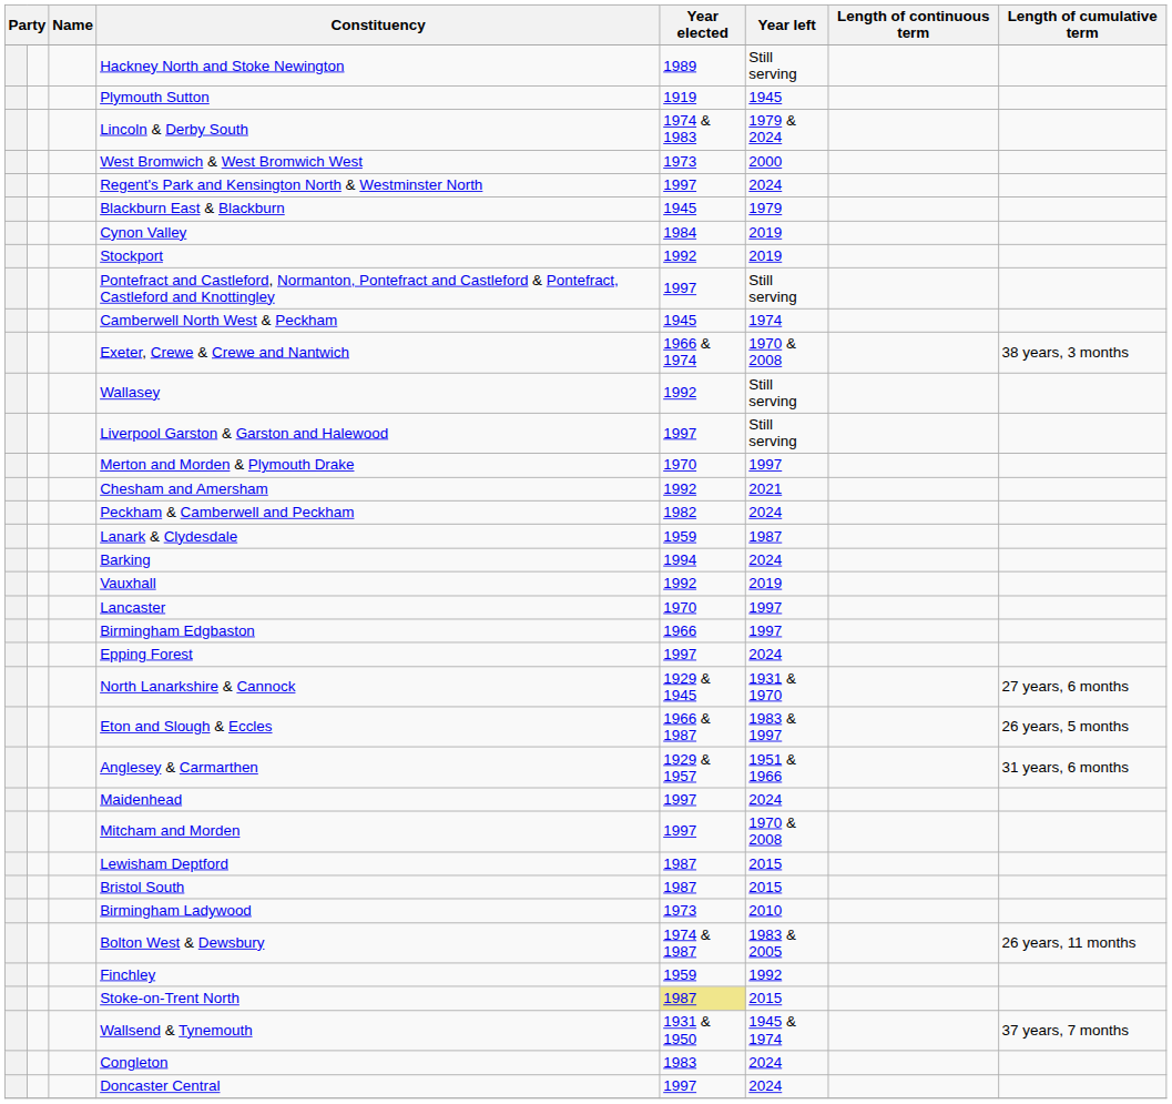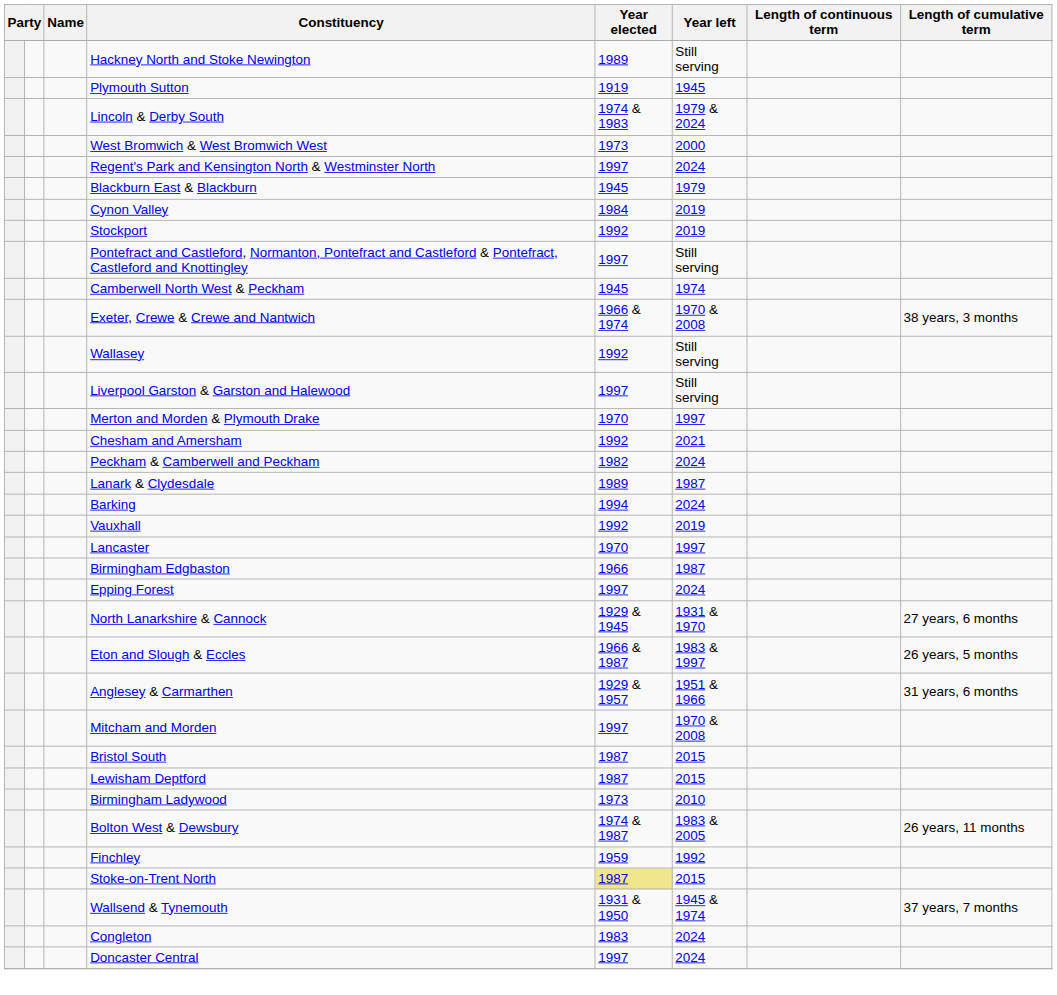 <table class="wikitable sortable">
 <tr>
 <th colspan=2>Party</th>
 <th>Name</th>
 <th>Constituency</th>
 <th>Year elected</th>
 <th>Year left</th>
 <th>Length of continuous term</th>
 <th>Length of cumulative term</th>
 </tr>
 <tr>
 </tr>
 <tr>
 <th style="background-color: "></th>
 <td></td>
 <td></td>
 <td><a href='#'>Hackney North and Stoke Newington</a></td>
 <td><a href='#'>1989</a></td>
 <td>Still serving</td>
 <td></td>
 <td></td>
 </tr>
 <tr>
 <th style="background-color: "></th>
 <td></td>
 <td></td>
 <td><a href='#'>Plymouth Sutton</a></td>
 <td><a href='#'>1919</a></td>
 <td><a href='#'>1945</a></td>
 <td></td>
 <td></td>
 </tr>
 <tr>
 <th style="background-color: "></th>
 <td></td>
 <td></td>
 <td><a href='#'>Lincoln</a> & <a href='#'>Derby South</a></td>
 <td><a href='#'>1974</a> & <a href='#'>1983</a></td>
 <td><a href='#'>1979</a> & <a href='#'>2024</a></td>
 <td></td>
 <td></td>
 </tr>
 <tr>
 <th style="background-color: "></th>
 <td></td>
 <td></td>
 <td><a href='#'>West Bromwich</a> & <a href='#'>West Bromwich West</a></td>
 <td><a href='#'>1973</a></td>
 <td><a href='#'>2000</a></td>
 <td></td>
 <td></td>
 </tr>
 <tr>
 <th style="background-color: "></th>
 <td></td>
 <td></td>
 <td><a href='#'>Regent's Park and Kensington North</a> & <a href='#'>Westminster North</a></td>
 <td><a href='#'>1997</a></td>
 <td><a href='#'>2024</a></td>
 <td></td>
 <td></td>
 </tr>
 <tr>
 <th style="background-color: "></th>
 <td></td>
 <td></td>
 <td><a href='#'>Blackburn East</a> & <a href='#'>Blackburn</a></td>
 <td><a href='#'>1945</a></td>
 <td><a href='#'>1979</a></td>
 <td></td>
 <td></td>
 </tr>
 <tr>
 <th style="background-color: "></th>
 <td></td>
 <td></td>
 <td><a href='#'>Cynon Valley</a></td>
 <td><a href='#'>1984</a></td>
 <td><a href='#'>2019</a></td>
 <td></td>
 <td></td>
 </tr>
 <tr>
 <th style="background-color: "></th>
 <td></td>
 <td></td>
 <td><a href='#'>Stockport</a></td>
 <td><a href='#'>1992</a></td>
 <td><a href='#'>2019</a></td>
 <td></td>
 <td></td>
 </tr>
 <tr>
 <th style="background-color: "></th>
 <td></td>
 <td></td>
 <td><a href='#'>Pontefract and Castleford</a>, <a href='#'>Normanton, Pontefract and Castleford</a> & <a href='#'>Pontefract, Castleford and Knottingley</a></td>
 <td><a href='#'>1997</a></td>
 <td>Still serving</td>
 <td></td>
 <td></td>
 </tr>
 <tr>
 <th style="background-color: "></th>
 <td></td>
 <td></td>
 <td><a href='#'>Camberwell North West</a> & <a href='#'>Peckham</a></td>
 <td><a href='#'>1945</a></td>
 <td><a href='#'>1974</a></td>
 <td></td>
 <td></td>
 </tr>
 <tr>
 <th style="background-color: "></th>
 <td></td>
 <td></td>
 <td><a href='#'>Exeter</a>, <a href='#'>Crewe</a> & <a href='#'>Crewe and Nantwich</a></td>
 <td><a href='#'>1966</a> & <a href='#'>1974</a></td>
 <td><a href='#'>1970</a> & <a href='#'>2008</a></td>
 <td></td>
 <td>38 years, 3 months</td>
 </tr>
 <tr>
 <th style="background-color: "></th>
 <td></td>
 <td></td>
 <td><a href='#'>Wallasey</a></td>
 <td><a href='#'>1992</a></td>
 <td>Still serving</td>
 <td></td>
 <td></td>
 </tr>
 <tr>
 <th style="background-color: "></th>
 <td></td>
 <td></td>
 <td><a href='#'>Liverpool Garston</a> & <a href='#'>Garston and Halewood</a></td>
 <td><a href='#'>1997</a></td>
 <td>Still serving</td>
 <td></td>
 <td></td>
 </tr>
 <tr>
 <th style="background-color: "></th>
 <td></td>
 <td></td>
 <td><a href='#'>Merton and Morden</a> & <a href='#'>Plymouth Drake</a></td>
 <td><a href='#'>1970</a></td>
 <td><a href='#'>1997</a></td>
 <td></td>
 <td></td>
 </tr>
 <tr>
 <th style="background-color: "></th>
 <td></td>
 <td></td>
 <td><a href='#'>Chesham and Amersham</a></td>
 <td><a href='#'>1992</a></td>
 <td><a href='#'>2021</a></td>
 <td></td>
 <td></td>
 </tr>
 <tr>
 <th style="background-color: "></th>
 <td></td>
 <td></td>
 <td><a href='#'>Peckham</a> & <a href='#'>Camberwell and Peckham</a></td>
 <td><a href='#'>1982</a></td>
 <td><a href='#'>2024</a></td>
 <td></td>
 <td></td>
 </tr>
 <tr>
 <th style="background-color: "></th>
 <td></td>
 <td></td>
 <td><a href='#'>Lanark</a> & <a href='#'>Clydesdale</a></td>
-<td><a href='#'>1959</a></td>
+<td><a href='#'>1989</a></td>
 <td><a href='#'>1987</a></td>
 <td></td>
 <td></td>
 </tr>
 <tr>
 <th style="background-color: "></th>
 <td></td>
 <td></td>
 <td><a href='#'>Barking</a></td>
 <td><a href='#'>1994</a></td>
 <td><a href='#'>2024</a></td>
 <td></td>
 <td></td>
 </tr>
 <tr>
 <th style="background-color: "></th>
 <td></td>
 <td></td>
 <td><a href='#'>Vauxhall</a></td>
 <td><a href='#'>1992</a></td>
 <td><a href='#'>2019</a></td>
 <td></td>
 <td></td>
 </tr>
 <tr>
 <th style="background-color: "></th>
 <td></td>
 <td></td>
 <td><a href='#'>Lancaster</a></td>
 <td><a href='#'>1970</a></td>
 <td><a href='#'>1997</a></td>
 <td></td>
 <td></td>
 </tr>
 <tr>
 <th style="background-color: "></th>
 <td></td>
 <td></td>
 <td><a href='#'>Birmingham Edgbaston</a></td>
 <td><a href='#'>1966</a></td>
-<td><a href='#'>1997</a></td>
+<td><a href='#'>1987</a></td>
 <td></td>
 <td></td>
 </tr>
 <tr>
 <th style="background-color: "></th>
 <td></td>
 <td></td>
 <td><a href='#'>Epping Forest</a></td>
 <td><a href='#'>1997</a></td>
 <td><a href='#'>2024</a></td>
 <td></td>
 <td></td>
 </tr>
 <tr>
 <th style="background-color: "></th>
 <td></td>
 <td></td>
 <td><a href='#'>North Lanarkshire</a> & <a href='#'>Cannock</a></td>
 <td><a href='#'>1929</a> & <a href='#'>1945</a></td>
 <td><a href='#'>1931</a> & <a href='#'>1970</a></td>
 <td></td>
 <td>27 years, 6 months</td>
 </tr>
 <tr>
 <th style="background-color: "></th>
 <td></td>
 <td></td>
 <td><a href='#'>Eton and Slough</a> & <a href='#'>Eccles</a></td>
 <td><a href='#'>1966</a> & <a href='#'>1987</a></td>
 <td><a href='#'>1983</a> & <a href='#'>1997</a></td>
 <td></td>
 <td>26 years, 5 months</td>
 </tr>
 <tr>
 <th style="background-color: "></th>
 <td></td>
 <td></td>
 <td><a href='#'>Anglesey</a> & <a href='#'>Carmarthen</a></td>
 <td><a href='#'>1929</a> & <a href='#'>1957</a></td>
 <td><a href='#'>1951</a> & <a href='#'>1966</a></td>
 <td></td>
 <td>31 years, 6 months</td>
 </tr>
 <tr>
 <th style="background-color: "></th>
 <td></td>
 <td></td>
-<td><a href='#'>Maidenhead</a></td>
-<td><a href='#'>1997</a></td>
-<td><a href='#'>2024</a></td>
-<td></td>
-<td></td>
-</tr>
-<tr>
-<th style="background-color: "></th>
-<td></td>
-<td></td>
 <td><a href='#'>Mitcham and Morden</a></td>
 <td><a href='#'>1997</a></td>
 <td><a href='#'>1970</a> & <a href='#'>2008</a></td>
 <td></td>
 <td></td>
 </tr>
 <tr>
 <th style="background-color: "></th>
 <td></td>
 <td></td>
-<td><a href='#'>Lewisham Deptford</a></td>
+<td><a href='#'>Bristol South</a></td>
 <td><a href='#'>1987</a></td>
 <td><a href='#'>2015</a></td>
 <td></td>
 <td></td>
 </tr>
 <tr>
 <th style="background-color: "></th>
 <td></td>
 <td></td>
-<td><a href='#'>Bristol South</a></td>
+<td><a href='#'>Lewisham Deptford</a></td>
 <td><a href='#'>1987</a></td>
 <td><a href='#'>2015</a></td>
 <td></td>
 <td></td>
 </tr>
 <tr>
 <th style="background-color: "></th>
 <td></td>
 <td></td>
 <td><a href='#'>Birmingham Ladywood</a></td>
 <td><a href='#'>1973</a></td>
 <td><a href='#'>2010</a></td>
 <td></td>
 <td></td>
 </tr>
 <tr>
 <th style="background-color: "></th>
 <td></td>
 <td></td>
 <td><a href='#'>Bolton West</a> & <a href='#'>Dewsbury</a></td>
 <td><a href='#'>1974</a> & <a href='#'>1987</a></td>
 <td><a href='#'>1983</a> & <a href='#'>2005</a></td>
 <td></td>
 <td>26 years, 11 months</td>
 </tr>
 <tr>
 <th style="background-color: "></th>
 <td></td>
 <td></td>
 <td><a href='#'>Finchley</a></td>
 <td><a href='#'>1959</a></td>
 <td><a href='#'>1992</a></td>
 <td></td>
 <td></td>
 </tr>
 <tr>
 <th style="background-color: "></th>
 <td></td>
 <td></td>
 <td><a href='#'>Stoke-on-Trent North</a></td>
 <td style="background: khaki;"><a href='#'>1987</a></td>
 <td><a href='#'>2015</a></td>
 <td></td>
 <td></td>
 </tr>
 <tr>
 <th style="background-color: "></th>
 <td></td>
 <td></td>
 <td><a href='#'>Wallsend</a> & <a href='#'>Tynemouth</a></td>
 <td><a href='#'>1931</a> & <a href='#'>1950</a></td>
 <td><a href='#'>1945</a> & <a href='#'>1974</a></td>
 <td></td>
 <td>37 years, 7 months</td>
 </tr>
 <tr>
 <th style="background-color: "></th>
 <td></td>
 <td></td>
 <td><a href='#'>Congleton</a></td>
 <td><a href='#'>1983</a></td>
 <td><a href='#'>2024</a></td>
 <td></td>
 <td></td>
 </tr>
 <tr>
 <th style="background-color: "></th>
 <td></td>
 <td></td>
 <td><a href='#'>Doncaster Central</a></td>
 <td><a href='#'>1997</a></td>
 <td><a href='#'>2024</a></td>
 <td></td>
 <td></td>
 </tr>
 <tr>
 </tr>
 </table>
